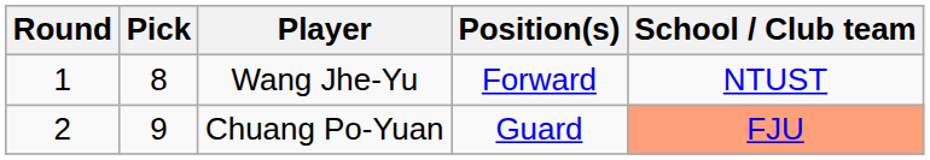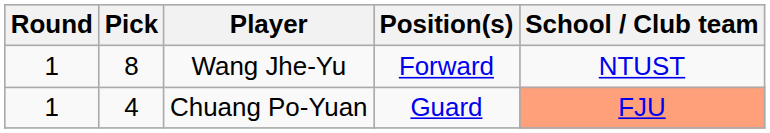 <table class="wikitable sortable sortable">
 <tr>
 <th>Round</th>
 <th>Pick</th>
 <th>Player</th>
 <th>Position(s)</th>
 <th>School / Club team</th>
 </tr>
 <tr style="text-align: center">
 <td>1</td>
 <td>8</td>
 <td>Wang Jhe-Yu</td>
 <td><a href='#'>Forward</a></td>
 <td><a href='#'>NTUST</a></td>
 </tr>
 <tr style="text-align: center">
-<td>2</td>
-<td>9</td>
+<td>1</td>
+<td>4</td>
 <td>Chuang Po-Yuan</td>
 <td><a href='#'>Guard</a></td>
 <td style="background: lightsalmon;"><a href='#'>FJU</a></td>
 </tr>
 </table>
